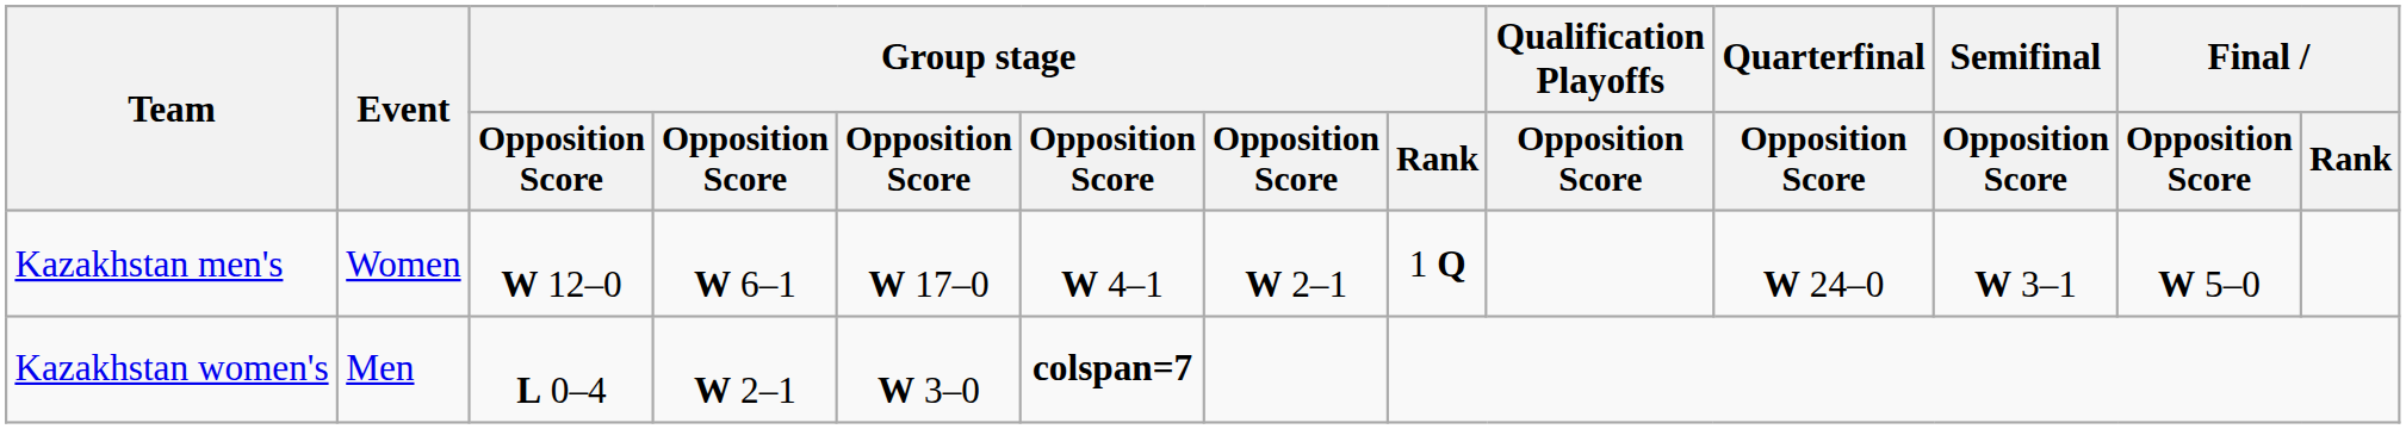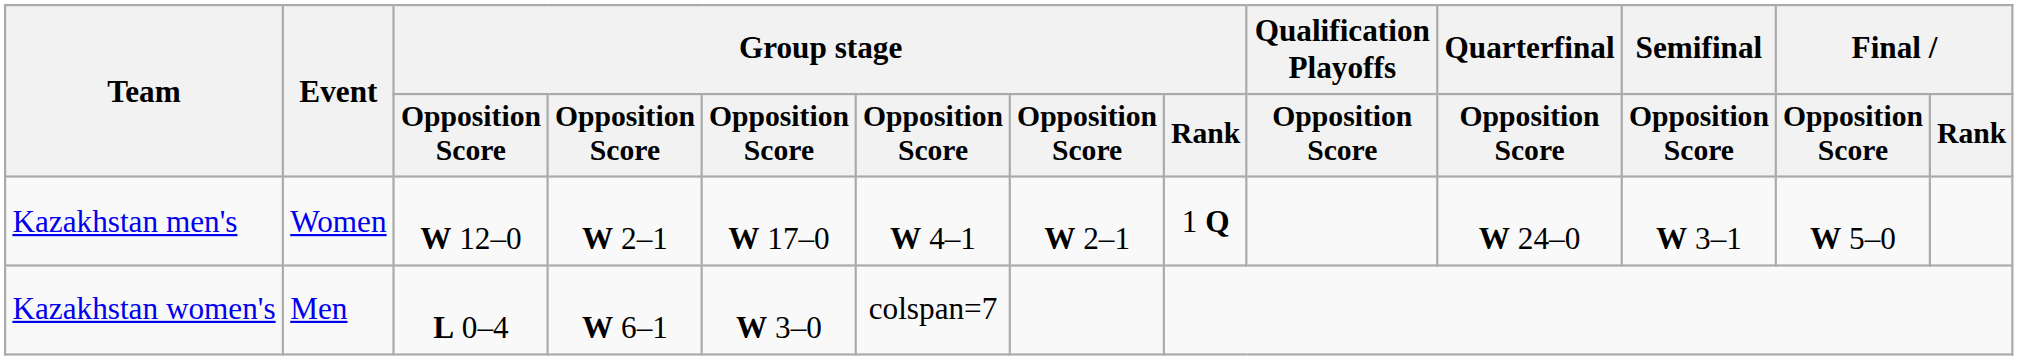 <table class=wikitable style=font-size:90%;text-align:center>
 <tr>
 <th rowspan=2>Team</th>
 <th rowspan=2>Event</th>
 <th colspan=6>Group stage</th>
 <th>Qualification<br>Playoffs</th>
 <th>Quarterfinal</th>
 <th>Semifinal</th>
 <th colspan=2>Final / </th>
 </tr>
 <tr style=font-size:95%>
 <th>Opposition<br>Score</th>
 <th>Opposition<br>Score</th>
 <th>Opposition<br>Score</th>
 <th>Opposition<br>Score</th>
 <th>Opposition<br>Score</th>
 <th>Rank</th>
 <th>Opposition<br>Score</th>
 <th>Opposition<br>Score</th>
 <th>Opposition<br>Score</th>
 <th>Opposition<br>Score</th>
 <th>Rank</th>
 </tr>
 <tr>
 <td align=left><a href='#'>Kazakhstan men's</a></td>
 <td align=left><a href='#'>Women</a></td>
 <td><br><strong>W</strong> 12–0</td>
-<td><br><strong>W</strong> 6–1</td>
+<td><br><strong>W</strong> 2–1</td>
 <td><br><strong>W</strong> 17–0</td>
 <td><br><strong>W</strong> 4–1</td>
 <td><br><strong>W</strong> 2–1</td>
 <td>1 <strong>Q</strong></td>
 <td></td>
 <td><br><strong>W</strong> 24–0</td>
 <td><br><strong>W</strong> 3–1</td>
 <td><br><strong>W</strong> 5–0</td>
 <td></td>
 </tr>
 <tr>
 <td align=left><a href='#'>Kazakhstan women's</a></td>
 <td align=left><a href='#'>Men</a></td>
 <td><br><strong>L</strong> 0–4</td>
-<td><br><strong>W</strong> 2–1</td>
+<td><br><strong>W</strong> 6–1</td>
 <td><br><strong>W</strong> 3–0</td>
-<td><strong>colspan=7 </strong></td>
+<td>colspan=7 </td>
 <td></td>
 </tr>
 </table>
